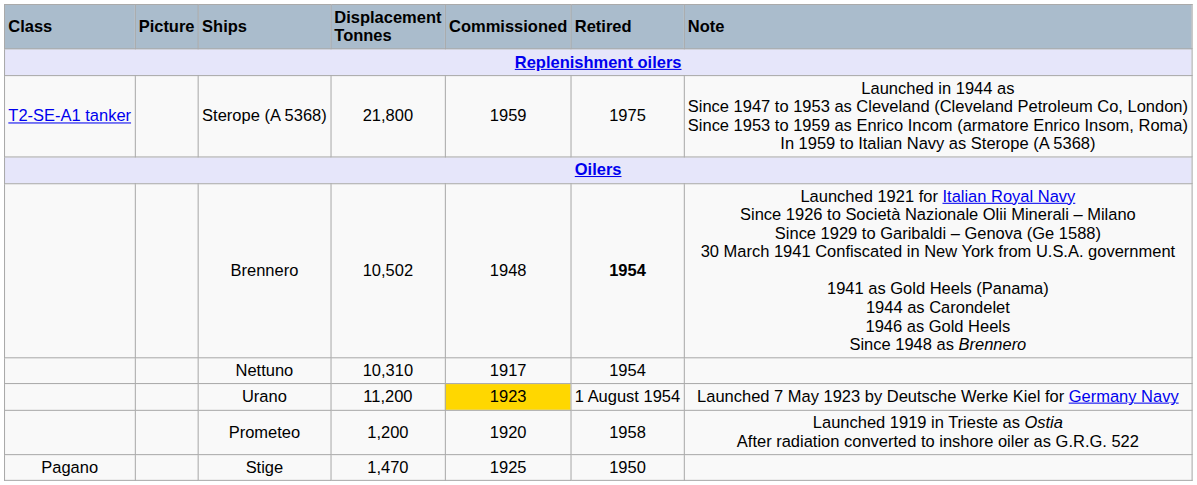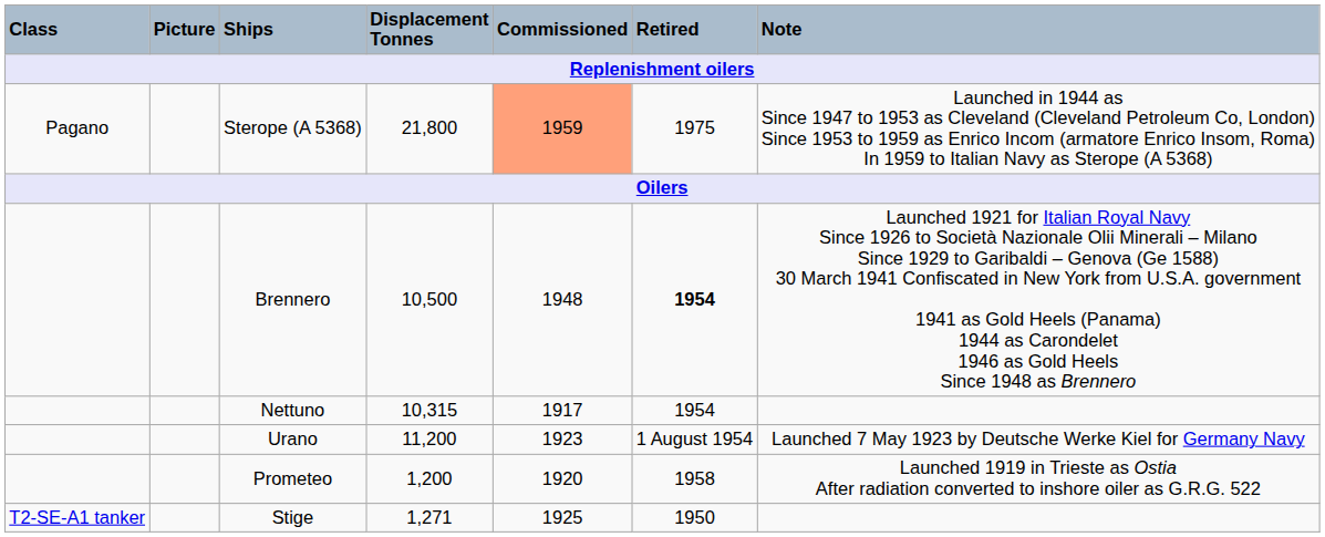 <table class="wikitable" style="text-align:center;">
 <tr>
 <th style="text-align: left; background: #aabccc;">Class</th>
 <th style="text-align: left; background: #aabccc;">Picture</th>
 <th style="text-align: left; background: #aabccc;">Ships</th>
 <th style="text-align: left; background: #aabccc;">Displacement<br>Tonnes</th>
 <th style="text-align: left; background: #aabccc;">Commissioned</th>
 <th style="text-align: left; background: #aabccc;">Retired</th>
 <th style="text-align: left; background: #aabccc;">Note</th>
 </tr>
 <tr>
 <th style="align: center; background: lavender;" colspan="9"><strong><a href='#'>Replenishment oilers</a></strong></th>
 </tr>
 <tr>
-<td><a href='#'>T2-SE-A1 tanker</a><br></td>
+<td>Pagano<br></td>
 <td></td>
 <td>Sterope (A 5368) </td>
 <td>21,800</td>
-<td>1959</td>
+<td style="background: lightsalmon;">1959</td>
 <td>1975</td>
 <td>Launched in 1944 as <br>Since 1947 to 1953 as Cleveland (Cleveland Petroleum Co, London)<br>Since 1953 to 1959 as Enrico Incom (armatore Enrico Insom, Roma)<br>In 1959 to Italian Navy as Sterope (A 5368)</td>
 </tr>
 <tr>
 <th style="align: center; background: lavender;" colspan="9"><strong><a href='#'>Oilers</a></strong></th>
 </tr>
 <tr>
 <td></td>
 <td></td>
 <td>Brennero </td>
-<td>10,502</td>
+<td>10,500</td>
 <td>1948</td>
 <td><strong>1954</strong></td>
 <td>Launched 1921 for <a href='#'>Italian Royal Navy</a><br>Since 1926 to Società Nazionale Olii Minerali – Milano<br>Since 1929 to Garibaldi – Genova (Ge 1588)<br>30 March 1941 Confiscated in New York from U.S.A. government<br><br>1941 as Gold Heels (Panama)<br>1944 as Carondelet<br>1946 as Gold Heels<br>Since 1948 as <em>Brennero</em></td>
 </tr>
 <tr>
 <td></td>
 <td></td>
 <td>Nettuno </td>
-<td>10,310</td>
+<td>10,315</td>
 <td>1917</td>
 <td>1954</td>
 <td></td>
 </tr>
 <tr>
 <td></td>
 <td></td>
 <td>Urano </td>
 <td>11,200</td>
-<td style="background: gold;">1923</td>
+<td>1923</td>
 <td>1 August 1954</td>
 <td>Launched 7 May 1923 by Deutsche Werke Kiel for <a href='#'>Germany Navy</a></td>
 </tr>
 <tr>
 <td></td>
 <td></td>
 <td>Prometeo </td>
 <td>1,200</td>
 <td>1920</td>
 <td>1958</td>
 <td>Launched 1919 in Trieste as <em>Ostia</em><br>After radiation converted to inshore oiler as G.R.G. 522</td>
 </tr>
 <tr>
-<td>Pagano<br></td>
+<td><a href='#'>T2-SE-A1 tanker</a><br></td>
 <td></td>
 <td>Stige </td>
-<td>1,470</td>
+<td>1,271</td>
 <td>1925</td>
 <td>1950</td>
 <td></td>
 </tr>
 </table>
